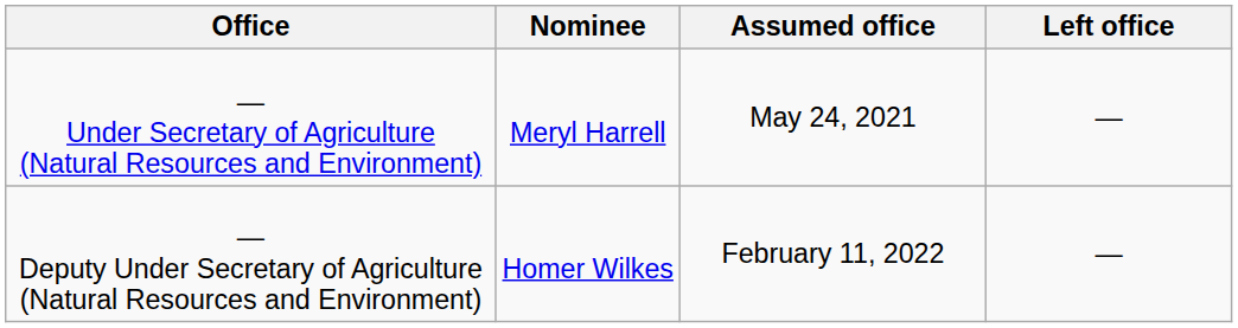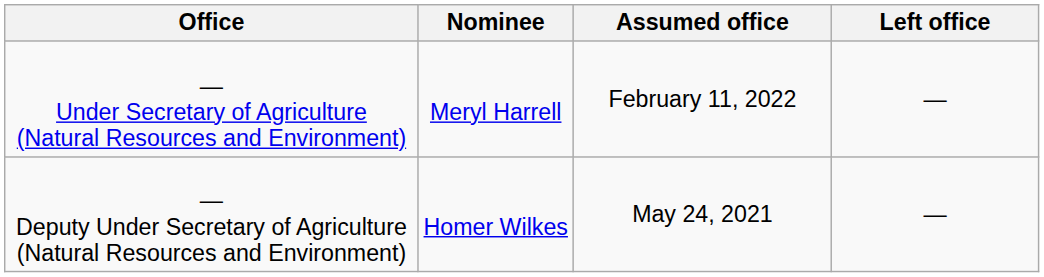 <table class="wikitable sortable" style="text-align:center">
 <tr>
 <th style="width:40%;">Office</th>
 <th style="width:15%;">Nominee</th>
 <th style="width:25%;" data-sort-type="date">Assumed office</th>
 <th style="width:20%;" data-sort-type="date">Left office</th>
 </tr>
 <tr>
 <td><br>—<br><a href='#'>Under Secretary of Agriculture<br>(Natural Resources and Environment)</a></td>
 <td><br><a href='#'>Meryl Harrell</a></td>
-<td>May 24, 2021</td>
+<td>February 11, 2022<br></td>
 <td>—</td>
 </tr>
 <tr>
 <td><br>—<br>Deputy Under Secretary of Agriculture<br>(Natural Resources and Environment)</td>
 <td><br><a href='#'>Homer Wilkes</a></td>
-<td>February 11, 2022<br></td>
+<td>May 24, 2021</td>
 <td>—</td>
 </tr>
 </table>
